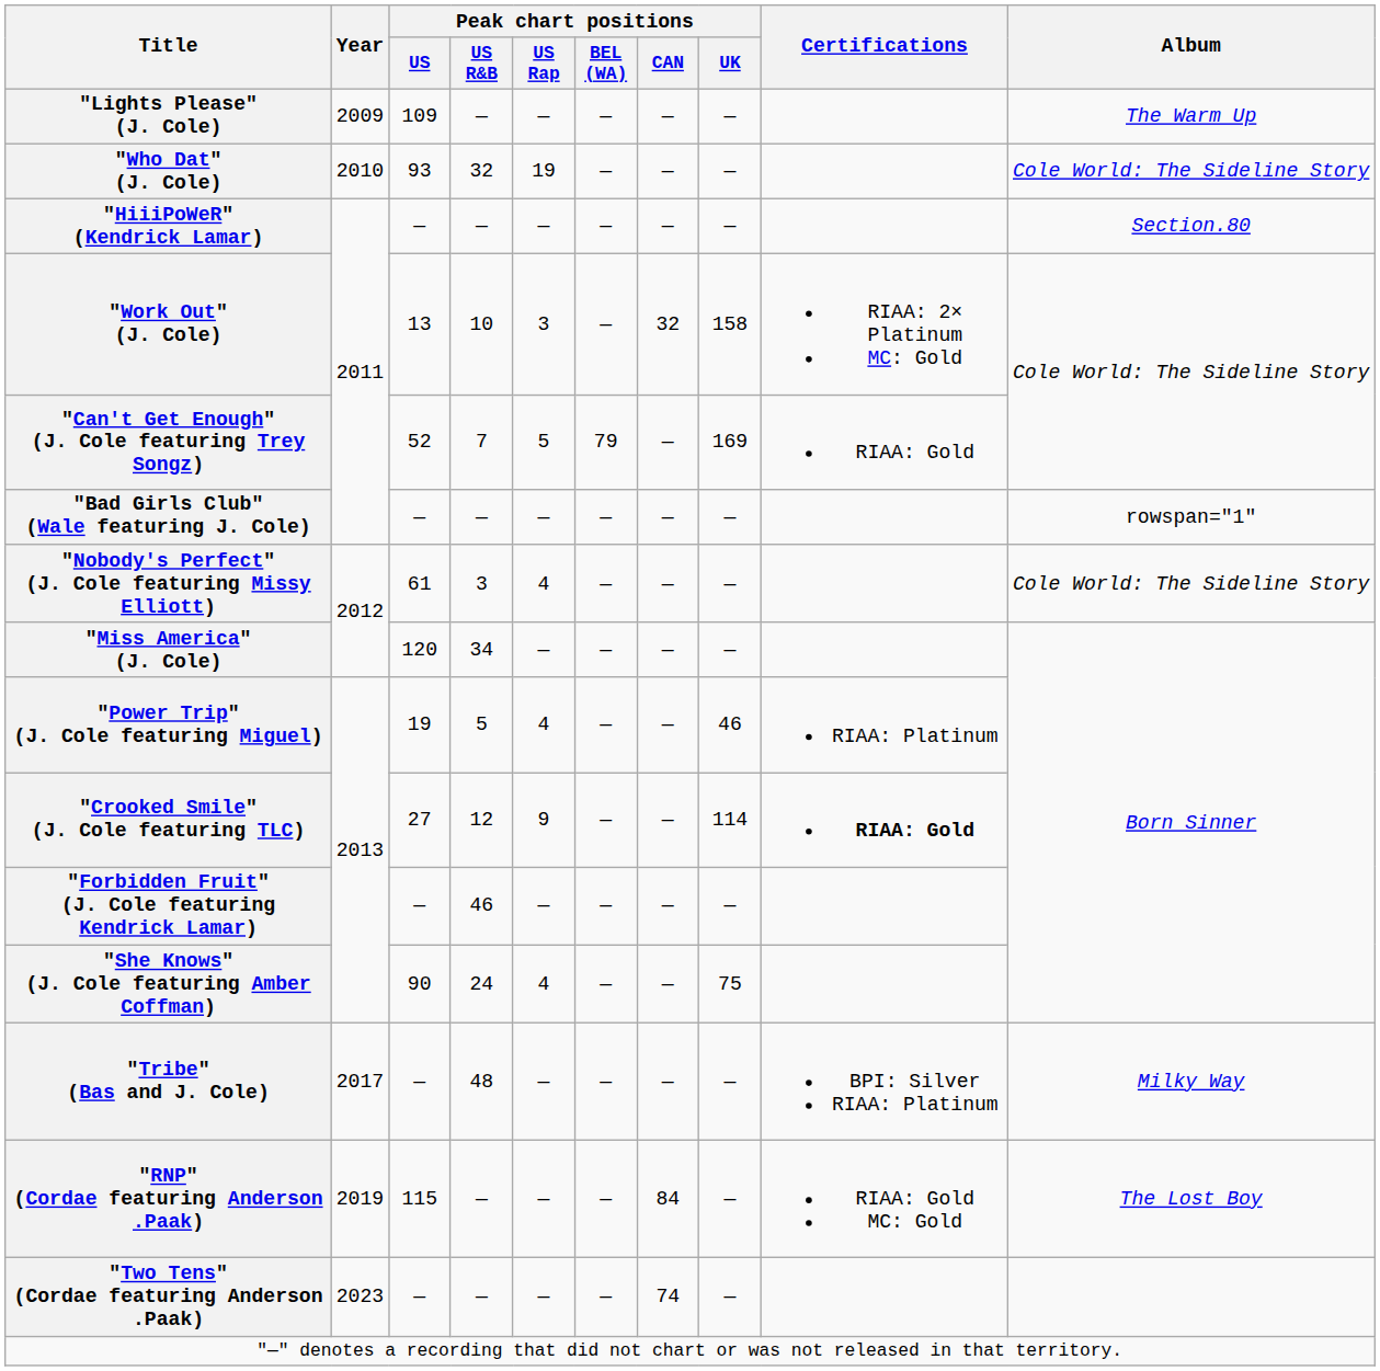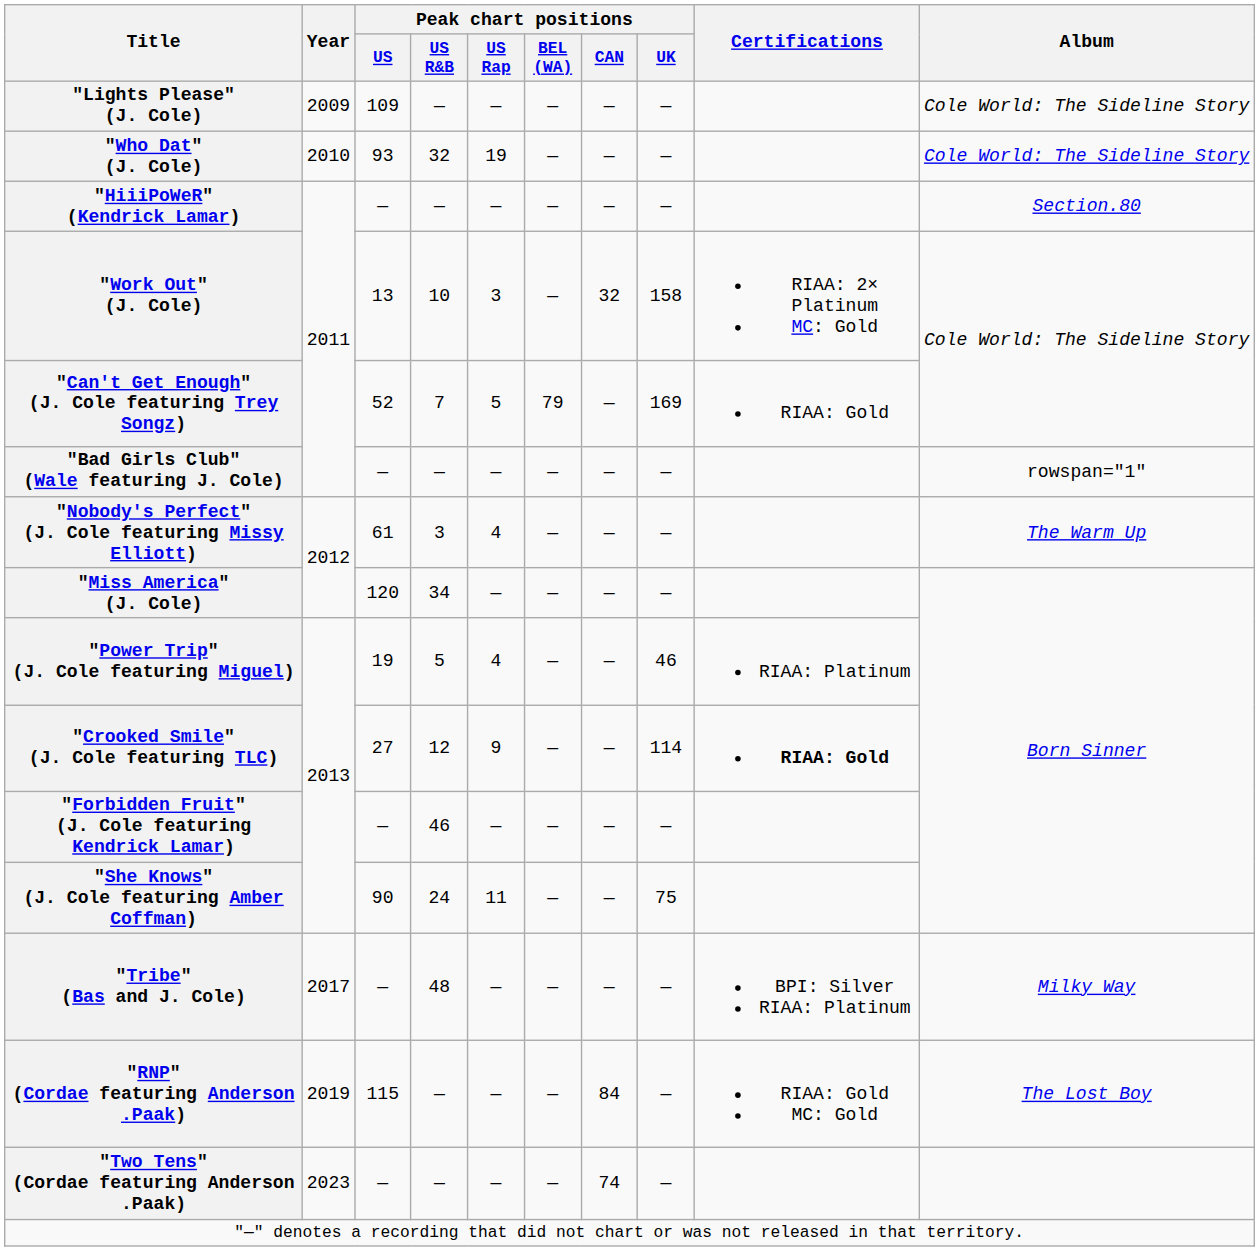 <table class="wikitable plainrowheaders" style="text-align:center;">
 <tr>
 <th scope="col" rowspan="2" style="width:16em;">Title</th>
 <th scope="col" rowspan="2">Year</th>
 <th scope="col" colspan="6">Peak chart positions</th>
 <th scope="col" rowspan="2" style="width:12em;"><a href='#'>Certifications</a></th>
 <th scope="col" rowspan="2">Album</th>
 </tr>
 <tr>
 <th scope="col" style="width:3em;font-size:90%;"><a href='#'>US</a><br></th>
 <th scope="col" style="width:3em;font-size:90%;"><a href='#'>US<br>R&B</a><br></th>
 <th scope="col" style="width:3em;font-size:90%;"><a href='#'>US<br>Rap</a><br></th>
 <th scope="col" style="width:3em;font-size:90%;"><a href='#'>BEL<br>(WA)</a><br></th>
 <th scope="col" style="width:3em;font-size:90%;"><a href='#'>CAN</a><br></th>
 <th scope="col" style="width:3em;font-size:90%;"><a href='#'>UK</a><br></th>
 </tr>
 <tr>
 <th scope="row">"Lights Please"<br><span>(J. Cole)</span></th>
 <td>2009</td>
 <td>109</td>
 <td>—</td>
 <td>—</td>
 <td>—</td>
 <td>—</td>
 <td>—</td>
 <td></td>
-<td><em><a href='#'>The Warm Up</a></em></td>
+<td rowspan="1"><em>Cole World: The Sideline Story</em></td>
 </tr>
 <tr>
 <th scope="row">"<a href='#'>Who Dat</a>"<br><span>(J. Cole)</span></th>
 <td>2010</td>
 <td>93</td>
 <td>32</td>
 <td>19</td>
 <td>—</td>
 <td>—</td>
 <td>—</td>
 <td></td>
 <td rowspan="1"><em><a href='#'>Cole World: The Sideline Story</a></em></td>
 </tr>
 <tr>
 <th scope="row">"<a href='#'>HiiiPoWeR</a>"<br><span>(<a href='#'>Kendrick Lamar</a>)</span></th>
 <td rowspan="4">2011</td>
 <td>—</td>
 <td>—</td>
 <td>—</td>
 <td>—</td>
 <td>—</td>
 <td>—</td>
 <td></td>
 <td><em><a href='#'>Section.80</a></em></td>
 </tr>
 <tr>
 <th scope="row">"<a href='#'>Work Out</a>"<br><span>(J. Cole)</span></th>
 <td>13</td>
 <td>10</td>
 <td>3</td>
 <td>—</td>
 <td>32</td>
 <td>158</td>
 <td><br><ul><li>RIAA: 2× Platinum</li><li><a href='#'>MC</a>: Gold</li></ul></td>
 <td rowspan="2"><em>Cole World: The Sideline Story</em></td>
 </tr>
 <tr>
 <th scope="row">"<a href='#'>Can't Get Enough</a>"<br><span>(J. Cole featuring <a href='#'>Trey Songz</a>)</span></th>
 <td>52</td>
 <td>7</td>
 <td>5</td>
 <td>79</td>
 <td>—</td>
 <td>169</td>
 <td><br><ul><li>RIAA: Gold</li></ul></td>
 </tr>
 <tr>
 <th scope="row">"Bad Girls Club"<br><span>(<a href='#'>Wale</a> featuring J. Cole)</span></th>
 <td>—</td>
 <td>—</td>
 <td>—</td>
 <td>—</td>
 <td>—</td>
 <td>—</td>
 <td></td>
 <td>rowspan="1" </td>
 </tr>
 <tr>
 <th scope="row">"<a href='#'>Nobody's Perfect</a>"<br><span>(J. Cole featuring <a href='#'>Missy Elliott</a>)</span></th>
 <td rowspan="2">2012</td>
 <td>61</td>
 <td>3</td>
 <td>4</td>
 <td>—</td>
 <td>—</td>
 <td>—</td>
 <td></td>
-<td rowspan="1"><em>Cole World: The Sideline Story</em></td>
+<td><em><a href='#'>The Warm Up</a></em></td>
 </tr>
 <tr>
 <th scope="row">"<a href='#'>Miss America</a>"<br><span>(J. Cole)</span></th>
 <td>120</td>
 <td>34</td>
 <td>—</td>
 <td>—</td>
 <td>—</td>
 <td>—</td>
 <td></td>
 <td rowspan="5"><em><a href='#'>Born Sinner</a></em></td>
 </tr>
 <tr>
 <th scope="row">"<a href='#'>Power Trip</a>"<br><span>(J. Cole featuring <a href='#'>Miguel</a>)</span></th>
 <td rowspan="4">2013</td>
 <td>19</td>
 <td>5</td>
 <td>4</td>
 <td>—</td>
 <td>—</td>
 <td>46</td>
 <td><br><ul><li>RIAA: Platinum</li></ul></td>
 </tr>
 <tr>
 <th scope="row">"<a href='#'>Crooked Smile</a>"<br><span>(J. Cole featuring <a href='#'>TLC</a>)</span></th>
 <td>27</td>
 <td>12</td>
 <td>9</td>
 <td>—</td>
 <td>—</td>
 <td>114</td>
 <td><strong><br><ul><li>RIAA: Gold</li></ul></strong></td>
 </tr>
 <tr>
 <th scope="row">"<a href='#'>Forbidden Fruit</a>"<br><span>(J. Cole featuring <a href='#'>Kendrick Lamar</a>)</span></th>
 <td>—</td>
 <td>46</td>
 <td>—</td>
 <td>—</td>
 <td>—</td>
 <td>—</td>
 <td></td>
 </tr>
 <tr>
 <th scope="row">"<a href='#'>She Knows</a>"<br><span>(J. Cole featuring <a href='#'>Amber Coffman</a>)</span></th>
 <td>90</td>
 <td>24</td>
-<td>4</td>
+<td>11</td>
 <td>—</td>
 <td>—</td>
 <td>75</td>
 <td></td>
 </tr>
 <tr>
 <th scope="row">"<a href='#'>Tribe</a>"<br><span>(<a href='#'>Bas</a> and J. Cole)</span></th>
 <td>2017</td>
 <td>—</td>
 <td>48</td>
 <td>—</td>
 <td>—</td>
 <td>—</td>
 <td>—</td>
 <td><br><ul><li>BPI: Silver</li><li>RIAA: Platinum</li></ul></td>
 <td><em><a href='#'>Milky Way</a></em></td>
 </tr>
 <tr>
 <th scope="row">"<a href='#'>RNP</a>"<br><span>(<a href='#'>Cordae</a> featuring <a href='#'>Anderson .Paak</a>)</span></th>
 <td>2019</td>
 <td>115</td>
 <td>—</td>
 <td>—</td>
 <td>—</td>
 <td>84</td>
 <td>—</td>
 <td><br><ul><li>RIAA: Gold</li><li>MC: Gold</li></ul></td>
 <td><em><a href='#'>The Lost Boy</a></em></td>
 </tr>
 <tr>
 <th scope="row">"<a href='#'>Two Tens</a>"<br><span>(Cordae featuring Anderson .Paak)</span></th>
 <td>2023</td>
 <td>—</td>
 <td>—</td>
 <td>—</td>
 <td>—</td>
 <td>74</td>
 <td>—</td>
 <td></td>
 <td></td>
 </tr>
 <tr>
 <td colspan="12" style="font-size:90%">"—" denotes a recording that did not chart or was not released in that territory.</td>
 </tr>
 </table>
